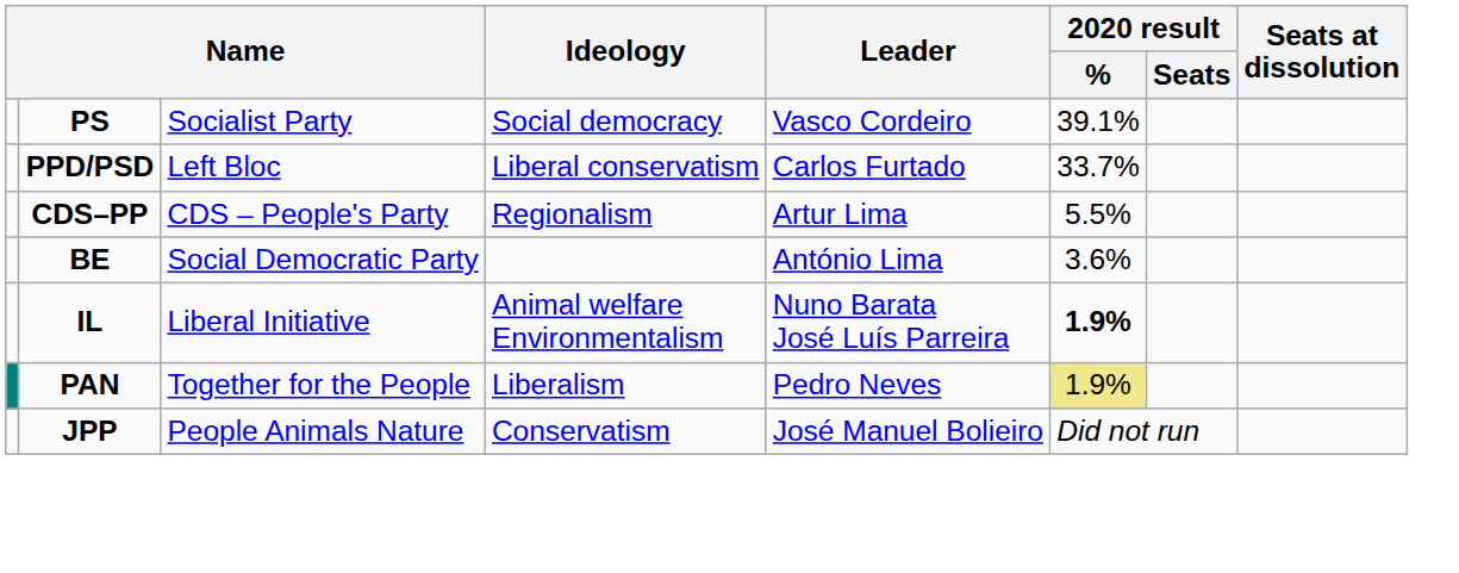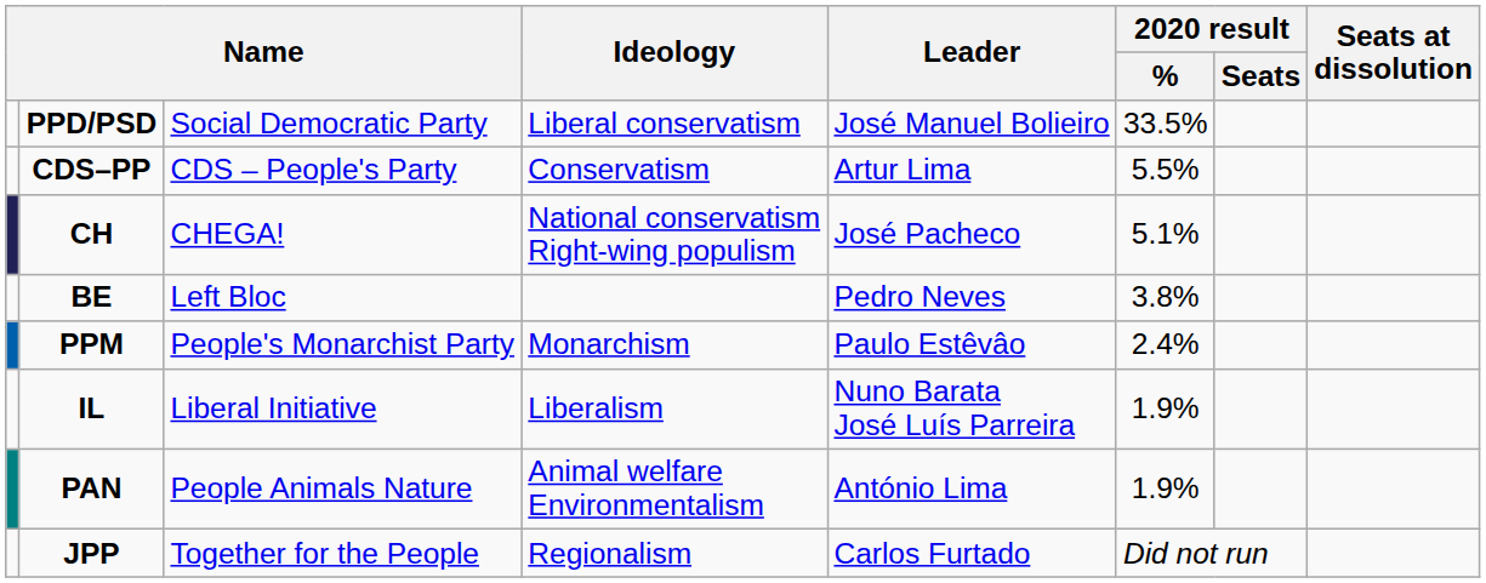 <table class="wikitable">
 <tr>
 <th rowspan="2" colspan="3">Name</th>
 <th rowspan="2">Ideology</th>
 <th rowspan="2">Leader</th>
 <th colspan="2">2020 result</th>
 <th rowspan="2">Seats at<br>dissolution</th>
 </tr>
 <tr>
 <th>%</th>
 <th>Seats</th>
 </tr>
 <tr>
 <td style="color:inherit;background:"></td>
-<td style="text-align:center;"><strong>PS</strong></td>
-<td><a href='#'>Socialist Party</a><br></td>
-<td><a href='#'>Social democracy</a></td>
-<td><a href='#'>Vasco Cordeiro</a></td>
-<td style="text-align:center;">39.1%</td>
-<td></td>
-<td></td>
-</tr>
-<tr>
-<td style="color:inherit;background:"></td>
 <td style="text-align:center;"><strong>PPD/PSD</strong></td>
-<td><a href='#'>Left Bloc</a><br></td>
+<td><a href='#'>Social Democratic Party</a><br></td>
 <td><a href='#'>Liberal conservatism</a></td>
-<td><a href='#'>Carlos Furtado</a></td>
-<td style="text-align:center;">33.7%</td>
+<td><a href='#'>José Manuel Bolieiro</a></td>
+<td style="text-align:center;">33.5%</td>
 <td></td>
 <td></td>
 </tr>
 <tr>
 <td style="color:inherit;background:"></td>
 <td style="text-align:center;"><strong>CDS–PP</strong></td>
 <td><a href='#'>CDS – People's Party</a><br></td>
-<td><a href='#'>Regionalism</a></td>
+<td><a href='#'>Conservatism</a></td>
 <td><a href='#'>Artur Lima</a></td>
 <td style="text-align:center;">5.5%</td>
 <td></td>
 <td></td>
 </tr>
 <tr>
+<td style="background:#202056;"></td>
+<td style="text-align:center;"><strong>CH</strong></td>
+<td><a href='#'>CHEGA!</a><br></td>
+<td><a href='#'>National conservatism</a><br><a href='#'>Right-wing populism</a></td>
+<td><a href='#'>José Pacheco</a></td>
+<td style="text-align:center;">5.1%</td>
+<td></td>
+<td></td>
+</tr>
+<tr>
 <td style="color:inherit;background:"></td>
 <td style="text-align:center;"><strong>BE</strong></td>
-<td><a href='#'>Social Democratic Party</a><br></td>
+<td><a href='#'>Left Bloc</a><br></td>
 <td></td>
-<td><a href='#'>António Lima</a></td>
-<td style="text-align:center;">3.6%</td>
+<td><a href='#'>Pedro Neves</a></td>
+<td style="text-align:center;">3.8%</td>
+<td></td>
+<td></td>
+</tr>
+<tr>
+<td style="background:#005FAD;"></td>
+<td style="text-align:center;"><strong>PPM</strong></td>
+<td><a href='#'>People's Monarchist Party</a><br></td>
+<td><a href='#'>Monarchism</a></td>
+<td><a href='#'>Paulo Estêvâo</a></td>
+<td style="text-align:center;">2.4%</td>
 <td></td>
 <td></td>
 </tr>
 <tr>
 <td style="color:inherit;background:"></td>
 <td style="text-align:center;"><strong>IL</strong></td>
 <td><a href='#'>Liberal Initiative</a><br></td>
-<td><a href='#'>Animal welfare</a><br><a href='#'>Environmentalism</a></td>
+<td><a href='#'>Liberalism</a></td>
 <td><a href='#'>Nuno Barata</a><br><a href='#'>José Luís Parreira</a></td>
-<td style="text-align:center;"><strong>1.9%</strong></td>
+<td style="text-align:center;">1.9%</td>
 <td></td>
 <td></td>
 </tr>
 <tr>
 <td style="background:teal;"></td>
 <td style="text-align:center;"><strong>PAN</strong></td>
-<td><a href='#'>Together for the People</a><br></td>
-<td><a href='#'>Liberalism</a></td>
-<td><a href='#'>Pedro Neves</a></td>
-<td style="background: khaki; text-align:center;">1.9%</td>
+<td><a href='#'>People Animals Nature</a><br></td>
+<td><a href='#'>Animal welfare</a><br><a href='#'>Environmentalism</a></td>
+<td><a href='#'>António Lima</a></td>
+<td style="text-align:center;">1.9%</td>
 <td></td>
 <td></td>
 </tr>
 <tr>
 <td style="color:inherit;background:"></td>
 <td style="text-align:center;"><strong>JPP</strong></td>
-<td><a href='#'>People Animals Nature</a><br></td>
-<td><a href='#'>Conservatism</a></td>
-<td><a href='#'>José Manuel Bolieiro</a></td>
+<td><a href='#'>Together for the People</a><br></td>
+<td><a href='#'>Regionalism</a></td>
+<td><a href='#'>Carlos Furtado</a></td>
 <td colspan="2"><em>Did not run</em></td>
 <td></td>
 </tr>
 </table>
